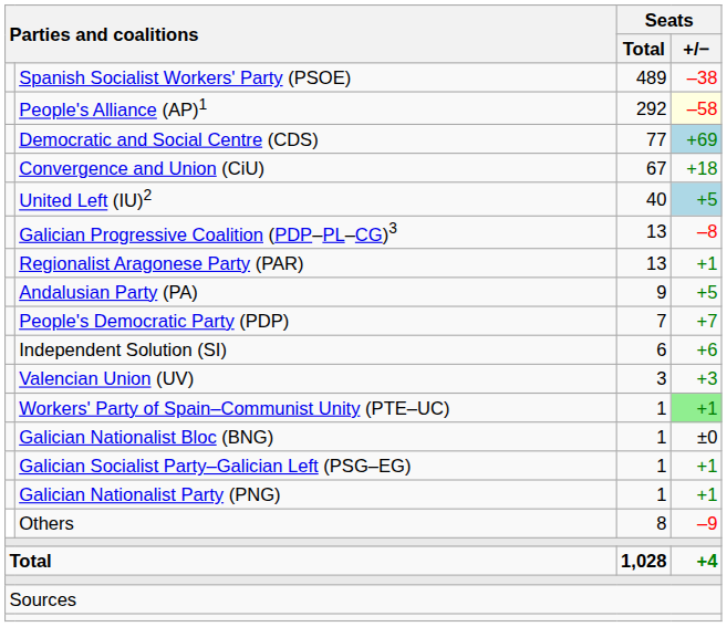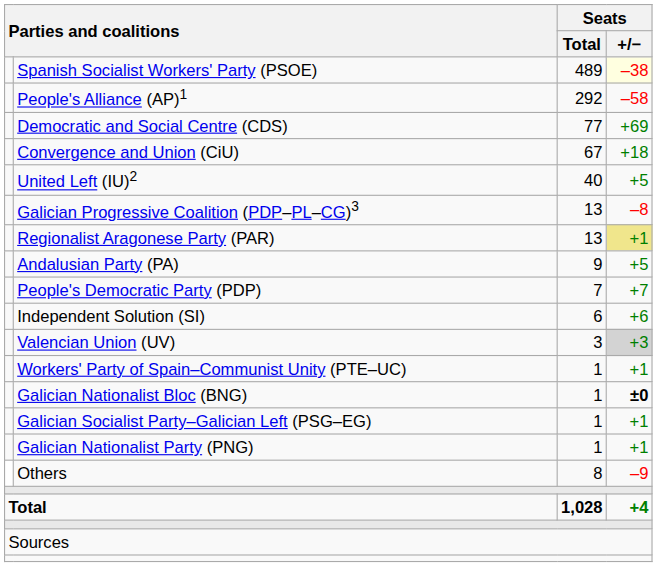 <table class="wikitable" style="text-align:right; font-size:95%;">
 <tr>
 <th style="text-align:left;" rowspan="2" colspan="2" width="500">Parties and coalitions</th>
 <th colspan="2">Seats</th>
 </tr>
 <tr>
 <th width="35">Total</th>
 <th width="35">+/−</th>
 </tr>
 <tr>
 <td width="1" style="color:inherit;background:"></td>
 <td align="left"><a href='#'>Spanish Socialist Workers' Party</a> (PSOE)</td>
 <td>489</td>
-<td style="color:red;">–38</td>
+<td style="background: lightyellow; color:red;">–38</td>
 </tr>
 <tr>
 <td style="color:inherit;background:"></td>
 <td align="left"><a href='#'>People's Alliance</a> (AP)<sup>1</sup></td>
 <td>292</td>
-<td style="background: lightyellow; color:red;">–58</td>
+<td style="color:red;">–58</td>
 </tr>
 <tr>
 <td style="color:inherit;background:"></td>
 <td align="left"><a href='#'>Democratic and Social Centre</a> (CDS)</td>
 <td>77</td>
-<td style="background: lightblue; color:green;">+69</td>
+<td style="color:green;">+69</td>
 </tr>
 <tr>
 <td style="color:inherit;background:"></td>
 <td align="left"><a href='#'>Convergence and Union</a> (CiU)</td>
 <td>67</td>
 <td style="color:green;">+18</td>
 </tr>
 <tr>
 <td style="color:inherit;background:"></td>
 <td align="left"><a href='#'>United Left</a> (IU)<sup>2</sup></td>
 <td>40</td>
-<td style="background: lightblue; color:green;">+5</td>
+<td style="color:green;">+5</td>
 </tr>
 <tr>
 <td style="color:inherit;background:"></td>
 <td align="left"><a href='#'>Galician Progressive Coalition</a> (<a href='#'>PDP</a>–<a href='#'>PL</a>–<a href='#'>CG</a>)<sup>3</sup></td>
 <td>13</td>
 <td style="color:red;">–8</td>
 </tr>
 <tr>
 <td style="color:inherit;background:"></td>
 <td align="left"><a href='#'>Regionalist Aragonese Party</a> (PAR)</td>
 <td>13</td>
-<td style="color:green;">+1</td>
+<td style="background: khaki; color:green;">+1</td>
 </tr>
 <tr>
 <td style="color:inherit;background:"></td>
 <td align="left"><a href='#'>Andalusian Party</a> (PA)</td>
 <td>9</td>
 <td style="color:green;">+5</td>
 </tr>
 <tr>
 <td style="color:inherit;background:"></td>
 <td align="left"><a href='#'>People's Democratic Party</a> (PDP)</td>
 <td>7</td>
 <td style="color:green;">+7</td>
 </tr>
 <tr>
 <td style="color:inherit;background:"></td>
 <td align="left">Independent Solution (SI)</td>
 <td>6</td>
 <td style="color:green;">+6</td>
 </tr>
 <tr>
 <td style="color:inherit;background:"></td>
 <td align="left"><a href='#'>Valencian Union</a> (UV)</td>
 <td>3</td>
-<td style="color:green;">+3</td>
+<td style="background: lightgrey; color:green;">+3</td>
 </tr>
 <tr>
 <td style="color:inherit;background:"></td>
 <td align="left"><a href='#'>Workers' Party of Spain–Communist Unity</a> (PTE–UC)</td>
 <td>1</td>
-<td style="background: lightgreen; color:green;">+1</td>
+<td style="color:green;">+1</td>
 </tr>
 <tr>
 <td style="color:inherit;background:"></td>
 <td align="left"><a href='#'>Galician Nationalist Bloc</a> (BNG)</td>
 <td>1</td>
-<td>±0</td>
+<td><strong>±0</strong></td>
 </tr>
 <tr>
 <td style="color:inherit;background:"></td>
 <td align="left"><a href='#'>Galician Socialist Party–Galician Left</a> (PSG–EG)</td>
 <td>1</td>
 <td style="color:green;">+1</td>
 </tr>
 <tr>
 <td style="color:inherit;background:"></td>
 <td align="left"><a href='#'>Galician Nationalist Party</a> (PNG)</td>
 <td>1</td>
 <td style="color:green;">+1</td>
 </tr>
 <tr>
 <td bgcolor="white"></td>
 <td align="left">Others</td>
 <td>8</td>
 <td style="color:red;">–9</td>
 </tr>
 <tr>
 <td colspan="4" bgcolor="#E9E9E9"></td>
 </tr>
 <tr style="font-weight:bold;">
 <td align="left" colspan="2">Total</td>
 <td>1,028</td>
 <td style="color:green;">+4</td>
 </tr>
 <tr>
 <td colspan="4" bgcolor="#E9E9E9"></td>
 </tr>
 <tr>
 <td align="left" colspan="4">Sources</td>
 </tr>
 <tr>
 <td colspan="6" style="text-align:left;font-size:95%;max-width:790px;"></td>
 </tr>
 </table>
